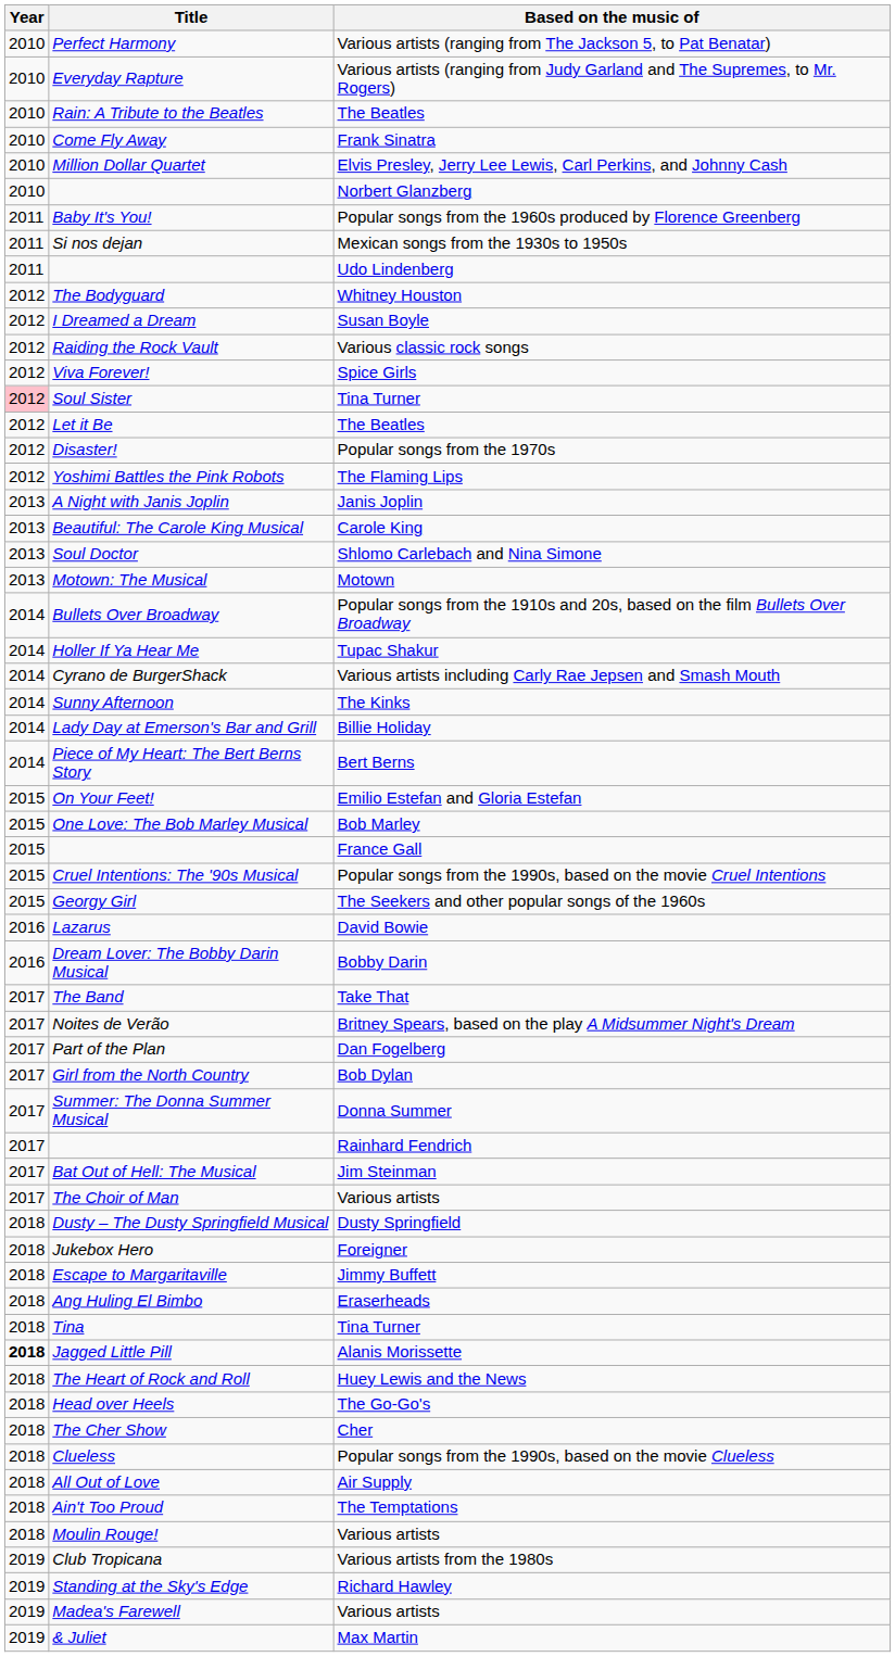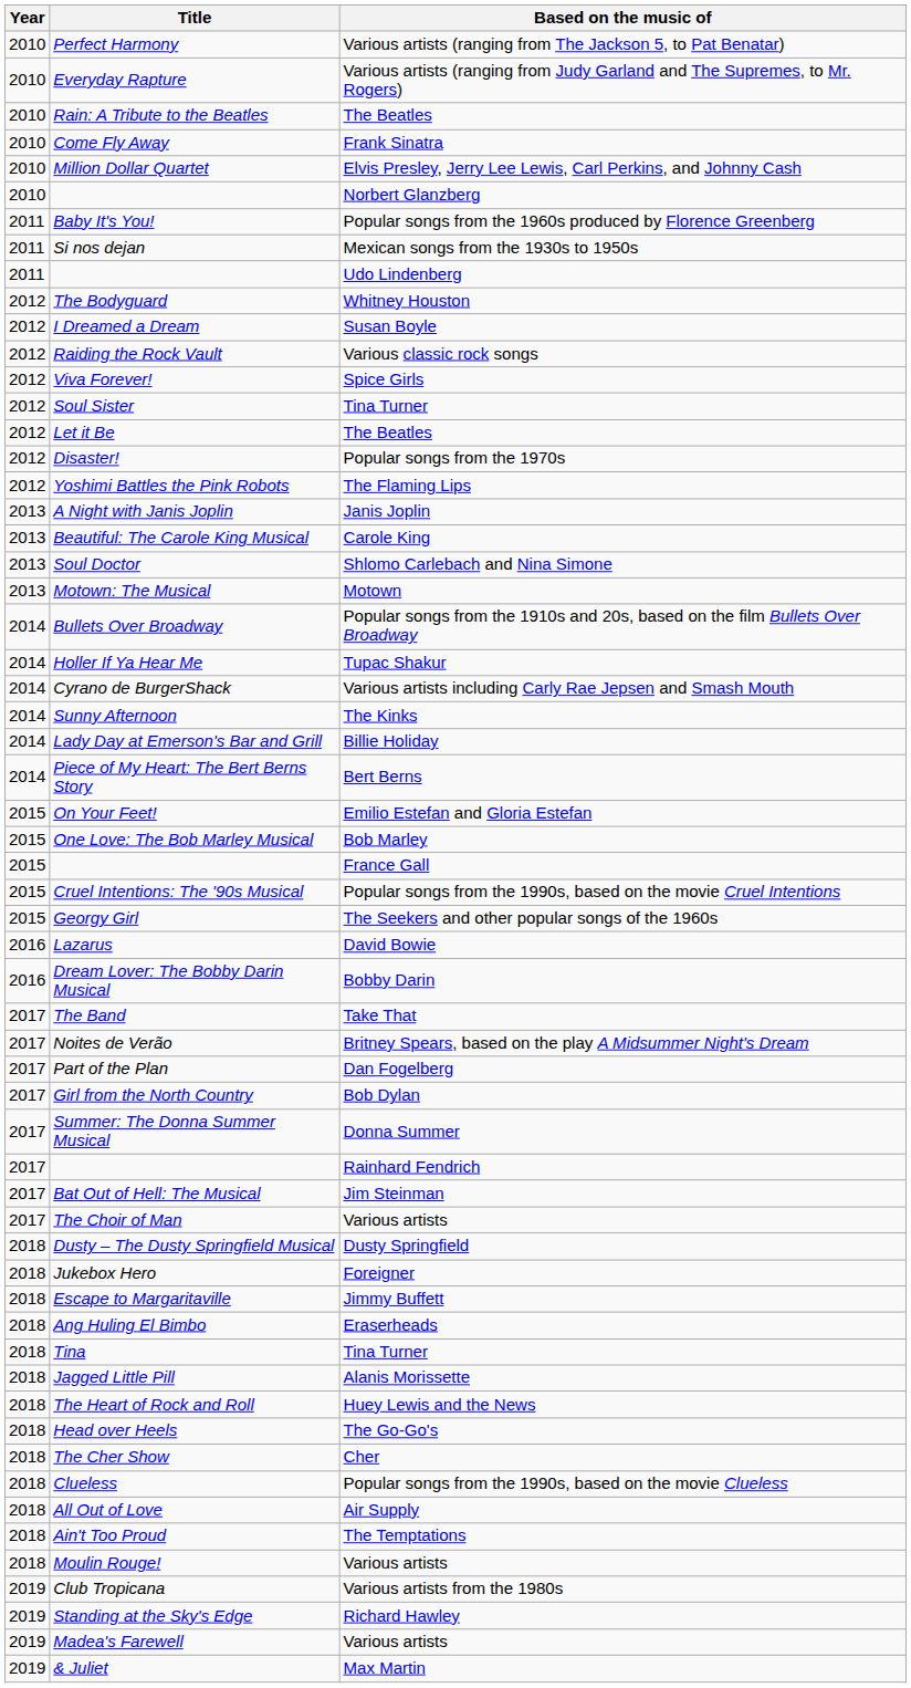 <table class="wikitable sortable">
 <tr>
 <th>Year</th>
 <th>Title</th>
 <th>Based on the music of</th>
 </tr>
 <tr 2010 "Fire On The Mountain" based on the authentic music of the American Coal Miner>
 <td>2010</td>
 <td><em><a href='#'>Perfect Harmony</a></em></td>
 <td>Various artists (ranging from <a href='#'>The Jackson 5</a>, to <a href='#'>Pat Benatar</a>)</td>
 </tr>
 <tr>
 <td>2010</td>
 <td><em><a href='#'>Everyday Rapture</a></em></td>
 <td>Various artists (ranging from <a href='#'>Judy Garland</a> and <a href='#'>The Supremes</a>, to <a href='#'>Mr. Rogers</a>)</td>
 </tr>
 <tr>
 <td>2010</td>
 <td><em><a href='#'>Rain: A Tribute to the Beatles</a></em></td>
 <td><a href='#'>The Beatles</a></td>
 </tr>
 <tr>
 <td>2010</td>
 <td><em><a href='#'>Come Fly Away</a></em></td>
 <td><a href='#'>Frank Sinatra</a></td>
 </tr>
 <tr>
 <td>2010</td>
 <td><em><a href='#'>Million Dollar Quartet</a></em></td>
 <td><a href='#'>Elvis Presley</a>, <a href='#'>Jerry Lee Lewis</a>, <a href='#'>Carl Perkins</a>, and <a href='#'>Johnny Cash</a></td>
 </tr>
 <tr>
 <td>2010</td>
 <td><em></em></td>
 <td><a href='#'>Norbert Glanzberg</a></td>
 </tr>
 <tr>
 <td>2011</td>
 <td><em><a href='#'>Baby It's You!</a></em></td>
 <td>Popular songs from the 1960s produced by <a href='#'>Florence Greenberg</a></td>
 </tr>
 <tr>
 <td>2011</td>
 <td><em>Si nos dejan</em></td>
 <td>Mexican songs from the 1930s to 1950s</td>
 </tr>
 <tr>
 <td>2011</td>
 <td><em></em></td>
 <td><a href='#'>Udo Lindenberg</a></td>
 </tr>
 <tr>
 <td>2012</td>
 <td><em><a href='#'>The Bodyguard</a></em></td>
 <td><a href='#'>Whitney Houston</a></td>
 </tr>
 <tr>
 <td>2012</td>
 <td><em><a href='#'>I Dreamed a Dream</a></em></td>
 <td><a href='#'>Susan Boyle</a></td>
 </tr>
 <tr>
 <td>2012</td>
 <td><em><a href='#'>Raiding the Rock Vault</a></em></td>
 <td>Various <a href='#'>classic rock</a> songs</td>
 </tr>
 <tr>
 <td>2012</td>
 <td><em><a href='#'>Viva Forever!</a></em></td>
 <td><a href='#'>Spice Girls</a></td>
 </tr>
 <tr>
-<td style="background: pink;">2012</td>
+<td>2012</td>
 <td><em><a href='#'>Soul Sister</a></em></td>
 <td><a href='#'>Tina Turner</a></td>
 </tr>
 <tr>
 <td>2012</td>
 <td><em><a href='#'>Let it Be</a></em></td>
 <td><a href='#'>The Beatles</a></td>
 </tr>
 <tr>
 <td>2012</td>
 <td><em><a href='#'>Disaster!</a></em></td>
 <td>Popular songs from the 1970s</td>
 </tr>
 <tr>
 <td>2012</td>
 <td><em><a href='#'>Yoshimi Battles the Pink Robots</a></em></td>
 <td><a href='#'>The Flaming Lips</a></td>
 </tr>
 <tr>
 <td>2013</td>
 <td><em><a href='#'>A Night with Janis Joplin</a></em></td>
 <td><a href='#'>Janis Joplin</a></td>
 </tr>
 <tr>
 <td>2013</td>
 <td><em><a href='#'>Beautiful: The Carole King Musical</a></em></td>
 <td><a href='#'>Carole King</a></td>
 </tr>
 <tr>
 <td>2013</td>
 <td><em><a href='#'>Soul Doctor</a></em></td>
 <td><a href='#'>Shlomo Carlebach</a> and <a href='#'>Nina Simone</a></td>
 </tr>
 <tr>
 <td>2013</td>
 <td><em><a href='#'>Motown: The Musical</a></em></td>
 <td><a href='#'>Motown</a></td>
 </tr>
 <tr>
 <td>2014</td>
 <td><em><a href='#'>Bullets Over Broadway</a></em></td>
 <td>Popular songs from the 1910s and 20s, based on the film <em><a href='#'>Bullets Over Broadway</a></em></td>
 </tr>
 <tr>
 <td>2014</td>
 <td><em><a href='#'>Holler If Ya Hear Me</a></em></td>
 <td><a href='#'>Tupac Shakur</a></td>
 </tr>
 <tr>
 <td>2014</td>
 <td><em>Cyrano de BurgerShack</em></td>
 <td>Various artists including <a href='#'>Carly Rae Jepsen</a> and <a href='#'>Smash Mouth</a></td>
 </tr>
 <tr>
 <td>2014</td>
 <td><em><a href='#'>Sunny Afternoon</a></em></td>
 <td><a href='#'>The Kinks</a></td>
 </tr>
 <tr>
 <td>2014</td>
 <td><em><a href='#'>Lady Day at Emerson's Bar and Grill</a></em></td>
 <td><a href='#'>Billie Holiday</a></td>
 </tr>
 <tr>
 <td>2014</td>
 <td><em><a href='#'>Piece of My Heart: The Bert Berns Story</a></em></td>
 <td><a href='#'>Bert Berns</a></td>
 </tr>
 <tr>
 <td>2015</td>
 <td><em><a href='#'>On Your Feet!</a></em></td>
 <td><a href='#'>Emilio Estefan</a> and <a href='#'>Gloria Estefan</a></td>
 </tr>
 <tr>
 <td>2015</td>
 <td><em><a href='#'>One Love: The Bob Marley Musical</a></em></td>
 <td><a href='#'>Bob Marley</a></td>
 </tr>
 <tr>
 <td>2015</td>
 <td><em></em></td>
 <td><a href='#'>France Gall</a></td>
 </tr>
 <tr>
 <td>2015</td>
 <td><em><a href='#'>Cruel Intentions: The '90s Musical</a></em></td>
 <td>Popular songs from the 1990s, based on the movie <em><a href='#'>Cruel Intentions</a></em></td>
 </tr>
 <tr>
 <td>2015</td>
 <td><em><a href='#'>Georgy Girl</a></em></td>
 <td><a href='#'>The Seekers</a> and other popular songs of the 1960s</td>
 </tr>
 <tr>
 <td>2016</td>
 <td><em><a href='#'>Lazarus</a></em></td>
 <td><a href='#'>David Bowie</a></td>
 </tr>
 <tr>
 <td>2016</td>
 <td><em><a href='#'>Dream Lover: The Bobby Darin Musical</a></em></td>
 <td><a href='#'>Bobby Darin</a></td>
 </tr>
 <tr>
 <td>2017</td>
 <td><em><a href='#'>The Band</a></em></td>
 <td><a href='#'>Take That</a></td>
 </tr>
 <tr>
 <td>2017</td>
 <td><em>Noites de Verão</em></td>
 <td><a href='#'>Britney Spears</a>, based on the play <em><a href='#'>A Midsummer Night's Dream</a></em></td>
 </tr>
 <tr>
 <td>2017</td>
 <td><em>Part of the Plan</em></td>
 <td><a href='#'>Dan Fogelberg</a></td>
 </tr>
 <tr>
 <td>2017</td>
 <td><em><a href='#'>Girl from the North Country</a></em></td>
 <td><a href='#'>Bob Dylan</a></td>
 </tr>
 <tr>
 <td>2017</td>
 <td><em><a href='#'>Summer: The Donna Summer Musical</a></em></td>
 <td><a href='#'>Donna Summer</a></td>
 </tr>
 <tr>
 <td>2017</td>
 <td><em></em></td>
 <td><a href='#'>Rainhard Fendrich</a></td>
 </tr>
 <tr>
 <td>2017</td>
 <td><em><a href='#'>Bat Out of Hell: The Musical</a></em></td>
 <td><a href='#'>Jim Steinman</a></td>
 </tr>
 <tr>
 <td>2017</td>
 <td><em><a href='#'>The Choir of Man</a></em></td>
 <td>Various artists</td>
 </tr>
 <tr>
 <td>2018</td>
 <td><em><a href='#'>Dusty – The Dusty Springfield Musical</a></em></td>
 <td><a href='#'>Dusty Springfield</a></td>
 </tr>
 <tr>
 <td>2018</td>
 <td><em>Jukebox Hero</em></td>
 <td><a href='#'>Foreigner</a></td>
 </tr>
 <tr>
 <td>2018</td>
 <td><em><a href='#'>Escape to Margaritaville</a></em></td>
 <td><a href='#'>Jimmy Buffett</a></td>
 </tr>
 <tr>
 <td>2018</td>
 <td><em><a href='#'>Ang Huling El Bimbo</a></em></td>
 <td><a href='#'>Eraserheads</a></td>
 </tr>
 <tr>
 <td>2018</td>
 <td><em><a href='#'>Tina</a></em></td>
 <td><a href='#'>Tina Turner</a></td>
 </tr>
 <tr>
-<td><strong>2018</strong></td>
+<td>2018</td>
 <td><em><a href='#'>Jagged Little Pill</a></em></td>
 <td><a href='#'>Alanis Morissette</a></td>
 </tr>
 <tr>
 <td>2018</td>
 <td><em><a href='#'>The Heart of Rock and Roll</a></em></td>
 <td><a href='#'>Huey Lewis and the News</a></td>
 </tr>
 <tr>
 <td>2018</td>
 <td><em><a href='#'>Head over Heels</a></em></td>
 <td><a href='#'>The Go-Go's</a></td>
 </tr>
 <tr>
 <td>2018</td>
 <td><em><a href='#'>The Cher Show</a></em></td>
 <td><a href='#'>Cher</a></td>
 </tr>
 <tr>
 <td>2018</td>
 <td><em><a href='#'>Clueless</a></em></td>
 <td>Popular songs from the 1990s, based on the movie <em><a href='#'>Clueless</a></em></td>
 </tr>
 <tr>
 <td>2018</td>
 <td><em><a href='#'>All Out of Love</a></em></td>
 <td><a href='#'>Air Supply</a></td>
 </tr>
 <tr>
 <td>2018</td>
 <td><em><a href='#'>Ain't Too Proud</a></em></td>
 <td><a href='#'>The Temptations</a></td>
 </tr>
 <tr>
 <td>2018</td>
 <td><em><a href='#'>Moulin Rouge!</a></em></td>
 <td>Various artists</td>
 </tr>
 <tr>
 <td>2019</td>
 <td><em>Club Tropicana</em></td>
 <td>Various artists from the 1980s</td>
 </tr>
 <tr>
 <td>2019</td>
 <td><em><a href='#'>Standing at the Sky's Edge</a></em></td>
 <td><a href='#'>Richard Hawley</a></td>
 </tr>
 <tr>
 <td>2019</td>
 <td><em> <a href='#'>Madea's Farewell</a></em></td>
 <td>Various artists</td>
 </tr>
 <tr>
 <td>2019</td>
 <td><em><a href='#'>& Juliet</a></em></td>
 <td><a href='#'>Max Martin</a></td>
 </tr>
 </table>
